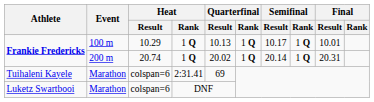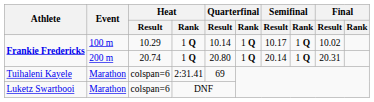 <table class="wikitable" style="font-size:90%">
 <tr>
 <th rowspan="2">Athlete</th>
 <th rowspan="2">Event</th>
 <th colspan="2">Heat</th>
 <th colspan="2">Quarterfinal</th>
 <th colspan="2">Semifinal</th>
 <th colspan="2">Final</th>
 </tr>
 <tr style="font-size:95%">
 <th>Result</th>
 <th>Rank</th>
 <th>Result</th>
 <th>Rank</th>
 <th>Result</th>
 <th>Rank</th>
 <th>Result</th>
 <th>Rank</th>
 </tr>
 <tr align=center>
 <td align=left rowspan=2><strong><a href='#'>Frankie Fredericks</a></strong></td>
 <td align=left><a href='#'>100 m</a></td>
 <td>10.29</td>
 <td>1 <strong>Q</strong></td>
-<td>10.13</td>
+<td>10.14</td>
 <td>1 <strong>Q</strong></td>
 <td>10.17</td>
 <td>1 <strong>Q</strong></td>
-<td>10.01</td>
+<td>10.02</td>
 <td></td>
 </tr>
 <tr align=center>
 <td align=left><a href='#'>200 m</a></td>
 <td>20.74</td>
 <td>1 <strong>Q</strong></td>
-<td>20.02</td>
+<td>20.80</td>
 <td>1 <strong>Q</strong></td>
 <td>20.14</td>
 <td>1 <strong>Q</strong></td>
 <td>20.31</td>
 <td></td>
 </tr>
 <tr align=center>
 <td align=left><a href='#'>Tuihaleni Kayele</a></td>
 <td align=left><a href='#'>Marathon</a></td>
 <td>colspan=6 </td>
 <td>2:31.41</td>
 <td>69</td>
 </tr>
 <tr align=center>
 <td align=left><a href='#'>Luketz Swartbooi</a></td>
 <td align=left><a href='#'>Marathon</a></td>
 <td>colspan=6 </td>
 <td colspan=2>DNF</td>
 </tr>
 </table>
